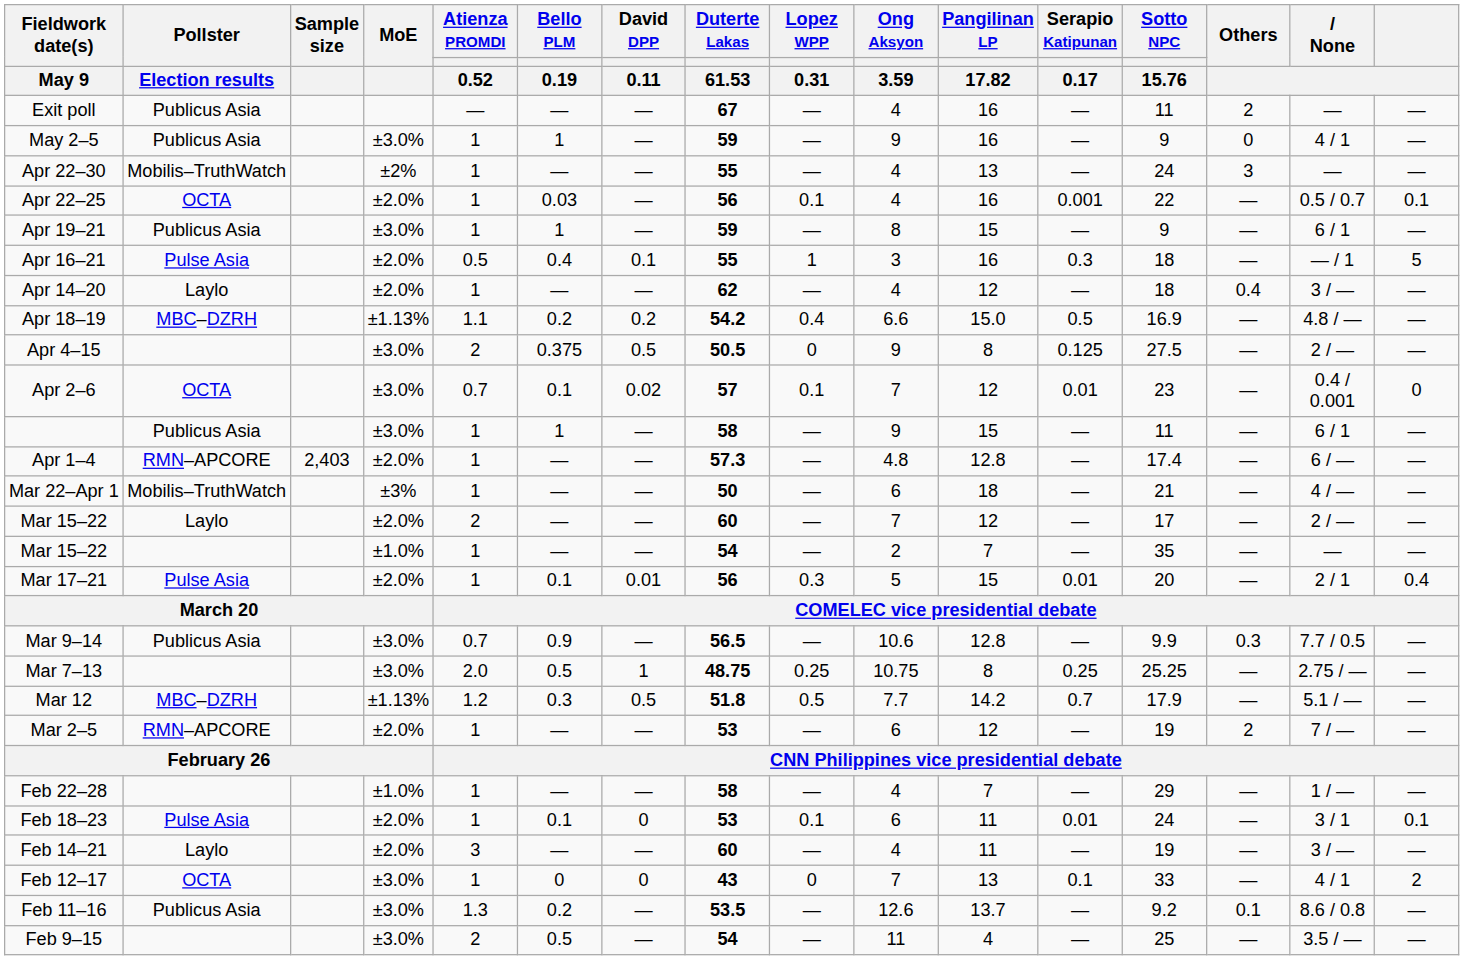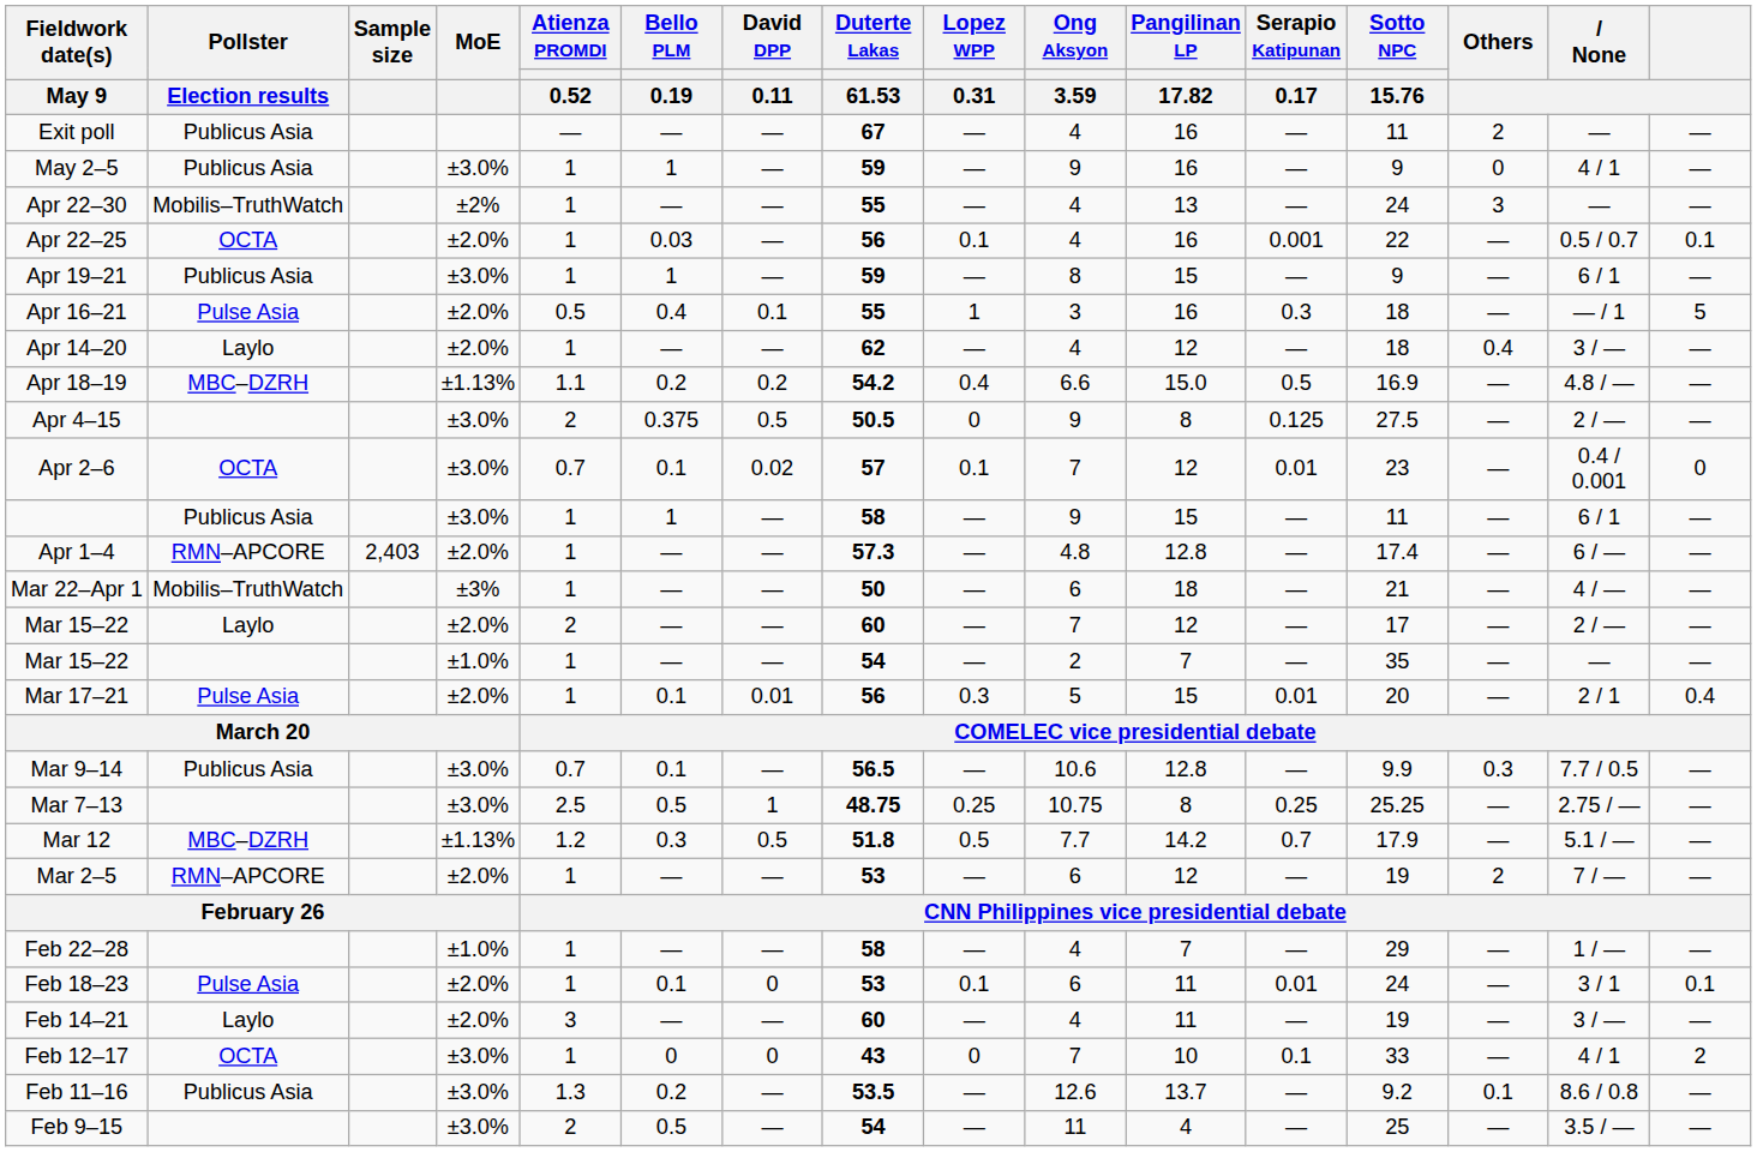 <table class="wikitable sortable" style="text-align:center;font-size:90%;line-height:17px">
 <tr>
 <th rowspan="2">Fieldwork<br>date(s)</th>
 <th rowspan="2">Pollster</th>
 <th rowspan="2">Sample<br>size</th>
 <th rowspan="2"><abbr>MoE</abbr></th>
 <th class="unsortable" style="width:60px;:"><a href='#'>Atienza</a><br><small><a href='#'>PROMDI</a></small></th>
 <th class="unsortable" style="width:60px;"><a href='#'>Bello</a><br><small><a href='#'>PLM</a></small></th>
 <th class="unsortable" style="width:60px;">David<br><small><a href='#'>DPP</a></small></th>
 <th class="unsortable" style="width:60px;"><a href='#'>Duterte</a><br><small><a href='#'>Lakas</a></small></th>
 <th class="unsortable" style="width:60px;"><a href='#'>Lopez</a><br><small><a href='#'>WPP</a></small></th>
 <th class="unsortable" style="width:60px;"><a href='#'>Ong</a><br><small><a href='#'>Aksyon</a></small></th>
 <th class="unsortable" style="width:60px;"><a href='#'>Pangilinan</a><br><small><a href='#'>LP</a></small></th>
 <th class="unsortable" style="width:60px;">Serapio<br><small><a href='#'>Katipunan</a></small></th>
 <th class="unsortable" style="width:60px;"><a href='#'>Sotto</a><br><small><a href='#'>NPC</a></small></th>
 <th rowspan="2" class="unsortable" style="width:60px;">Others</th>
 <th rowspan="2" class="unsortable" style="width:60px;">/<br>None</th>
 <th rowspan="2" class="unsortable" style="width:60px;"></th>
 </tr>
 <tr>
 <th></th>
 <th></th>
 <th></th>
 <th></th>
 <th></th>
 <th></th>
 <th></th>
 <th></th>
 <th></th>
 </tr>
 <tr>
 <th>May 9</th>
 <th><a href='#'>Election results</a></th>
 <th></th>
 <th></th>
 <th>0.52</th>
 <th>0.19</th>
 <th>0.11</th>
 <th style="background:#">61.53</th>
 <th>0.31</th>
 <th>3.59</th>
 <th>17.82</th>
 <th>0.17</th>
 <th>15.76</th>
 <th colspan="3"></th>
 </tr>
 <tr>
 <td data-sort-value="2022-05-09">Exit poll</td>
 <td>Publicus Asia</td>
 <td></td>
 <td></td>
 <td>—</td>
 <td>—</td>
 <td>—</td>
 <td style="background:#"><strong>67</strong></td>
 <td>—</td>
 <td>4</td>
 <td>16</td>
 <td>—</td>
 <td>11</td>
 <td>2</td>
 <td>—</td>
 <td>—</td>
 </tr>
 <tr>
 <td data-sort-value="2022-04-25">May 2–5</td>
 <td>Publicus Asia</td>
 <td></td>
 <td>±3.0%</td>
 <td>1</td>
 <td>1</td>
 <td>—</td>
 <td style="background:#"><strong>59</strong></td>
 <td>—</td>
 <td>9</td>
 <td>16</td>
 <td>—</td>
 <td>9</td>
 <td>0</td>
 <td>4 / 1</td>
 <td>—</td>
 </tr>
 <tr>
 <td data-sort-value="2022-04-30">Apr 22–30</td>
 <td>Mobilis–TruthWatch</td>
 <td></td>
 <td>±2%</td>
 <td>1</td>
 <td>—</td>
 <td>—</td>
 <td style="background:#"><strong>55</strong></td>
 <td>—</td>
 <td>4</td>
 <td>13</td>
 <td>—</td>
 <td>24</td>
 <td>3</td>
 <td>—</td>
 <td>—</td>
 </tr>
 <tr>
 <td data-sort-value="2021-04-25">Apr 22–25</td>
 <td><a href='#'>OCTA</a></td>
 <td></td>
 <td>±2.0%</td>
 <td>1</td>
 <td>0.03</td>
 <td>—</td>
 <td style="background:#"><strong>56</strong></td>
 <td>0.1</td>
 <td>4</td>
 <td>16</td>
 <td>0.001</td>
 <td>22</td>
 <td>—</td>
 <td>0.5 / 0.7</td>
 <td>0.1</td>
 </tr>
 <tr>
 <td data-sort-value="2022-04-25">Apr 19–21</td>
 <td>Publicus Asia</td>
 <td></td>
 <td>±3.0%</td>
 <td>1</td>
 <td>1</td>
 <td>—</td>
 <td style="background:#"><strong>59</strong></td>
 <td>—</td>
 <td>8</td>
 <td>15</td>
 <td>—</td>
 <td>9</td>
 <td>—</td>
 <td>6 / 1</td>
 <td>—</td>
 </tr>
 <tr>
 <td data-sort-value="2022-04-21">Apr 16–21</td>
 <td><a href='#'>Pulse Asia</a></td>
 <td></td>
 <td>±2.0%</td>
 <td>0.5</td>
 <td>0.4</td>
 <td>0.1</td>
 <td style="background:#"><strong>55</strong></td>
 <td>1</td>
 <td>3</td>
 <td>16</td>
 <td>0.3</td>
 <td>18</td>
 <td>—</td>
 <td>— / 1</td>
 <td>5</td>
 </tr>
 <tr>
 <td data-sort-value="2022-04-20">Apr 14–20</td>
 <td>Laylo</td>
 <td></td>
 <td>±2.0%</td>
 <td>1</td>
 <td>—</td>
 <td>—</td>
 <td style="background:#"><strong>62</strong></td>
 <td>—</td>
 <td>4</td>
 <td>12</td>
 <td>—</td>
 <td>18</td>
 <td>0.4</td>
 <td>3 / —</td>
 <td>—</td>
 </tr>
 <tr>
 <td data-sort-value="2021-04-22">Apr 18–19</td>
 <td><a href='#'>MBC</a>–<a href='#'>DZRH</a></td>
 <td></td>
 <td>±1.13%</td>
 <td>1.1</td>
 <td>0.2</td>
 <td>0.2</td>
 <td style="background:#"><strong>54.2</strong></td>
 <td>0.4</td>
 <td>6.6</td>
 <td>15.0</td>
 <td>0.5</td>
 <td>16.9</td>
 <td>—</td>
 <td>4.8 / —</td>
 <td>—</td>
 </tr>
 <tr>
 <td data-sort-value="2022-04-15">Apr 4–15</td>
 <td></td>
 <td></td>
 <td>±3.0%</td>
 <td>2</td>
 <td>0.375</td>
 <td>0.5</td>
 <td style="background:#"><strong>50.5</strong></td>
 <td>0</td>
 <td>9</td>
 <td>8</td>
 <td>0.125</td>
 <td>27.5</td>
 <td>—</td>
 <td>2 / —</td>
 <td>—</td>
 </tr>
 <tr>
 <td data-sort-value="2021-04-06">Apr 2–6</td>
 <td><a href='#'>OCTA</a></td>
 <td></td>
 <td>±3.0%</td>
 <td>0.7</td>
 <td>0.1</td>
 <td>0.02</td>
 <td style="background:#"><strong>57</strong></td>
 <td>0.1</td>
 <td>7</td>
 <td>12</td>
 <td>0.01</td>
 <td>23</td>
 <td>—</td>
 <td>0.4 / 0.001</td>
 <td>0</td>
 </tr>
 <tr>
 <td data-sort-value="2022-04-05"></td>
 <td>Publicus Asia</td>
 <td></td>
 <td>±3.0%</td>
 <td>1</td>
 <td>1</td>
 <td>—</td>
 <td style="background:#"><strong>58</strong></td>
 <td>—</td>
 <td>9</td>
 <td>15</td>
 <td>—</td>
 <td>11</td>
 <td>—</td>
 <td>6 / 1</td>
 <td>—</td>
 </tr>
 <tr>
 <td data-sort-value="2021-04-04">Apr 1–4</td>
 <td><a href='#'>RMN</a>–APCORE</td>
 <td>2,403</td>
 <td>±2.0%</td>
 <td>1</td>
 <td>—</td>
 <td>—</td>
 <td style="background:#"><strong>57.3</strong></td>
 <td>—</td>
 <td>4.8</td>
 <td>12.8</td>
 <td>—</td>
 <td>17.4</td>
 <td>—</td>
 <td>6 / —</td>
 <td>—</td>
 </tr>
 <tr>
 <td data-sort-value="2022-04-01">Mar 22–Apr 1</td>
 <td>Mobilis–TruthWatch</td>
 <td></td>
 <td>±3%</td>
 <td>1</td>
 <td>—</td>
 <td>—</td>
 <td style="background:#"><strong>50</strong></td>
 <td>—</td>
 <td>6</td>
 <td>18</td>
 <td>—</td>
 <td>21</td>
 <td>—</td>
 <td>4 / —</td>
 <td>—</td>
 </tr>
 <tr>
 <td data-sort-value="2021-03-30">Mar 15–22</td>
 <td>Laylo</td>
 <td></td>
 <td>±2.0%</td>
 <td>2</td>
 <td>—</td>
 <td>—</td>
 <td style="background:#"><strong>60</strong></td>
 <td>—</td>
 <td>7</td>
 <td>12</td>
 <td>—</td>
 <td>17</td>
 <td>—</td>
 <td>2 / —</td>
 <td>—</td>
 </tr>
 <tr>
 <td data-sort-value="2022-03-22">Mar 15–22</td>
 <td></td>
 <td></td>
 <td>±1.0%</td>
 <td>1</td>
 <td>—</td>
 <td>—</td>
 <td style="background:#"><strong>54</strong></td>
 <td>—</td>
 <td>2</td>
 <td>7</td>
 <td>—</td>
 <td>35</td>
 <td>—</td>
 <td>—</td>
 <td>—</td>
 </tr>
 <tr>
 <td data-sort-value="2022-03-21">Mar 17–21</td>
 <td><a href='#'>Pulse Asia</a></td>
 <td></td>
 <td>±2.0%</td>
 <td>1</td>
 <td>0.1</td>
 <td>0.01</td>
 <td style="background:#"><strong>56</strong></td>
 <td>0.3</td>
 <td>5</td>
 <td>15</td>
 <td>0.01</td>
 <td>20</td>
 <td>—</td>
 <td>2 / 1</td>
 <td>0.4</td>
 </tr>
 <tr>
 <th colspan="4">March 20</th>
 <th colspan="12"><a href='#'>COMELEC vice presidential debate</a></th>
 </tr>
 <tr>
 <td data-sort-value="2021-03-17">Mar 9–14</td>
 <td>Publicus Asia</td>
 <td></td>
 <td>±3.0%</td>
 <td>0.7</td>
-<td>0.9</td>
+<td>0.1</td>
 <td>—</td>
 <td style="background:#"><strong>56.5</strong></td>
 <td>—</td>
 <td>10.6</td>
 <td>12.8</td>
 <td>—</td>
 <td>9.9</td>
 <td>0.3</td>
 <td>7.7 / 0.5</td>
 <td>—</td>
 </tr>
 <tr>
 <td data-sort-value="2022-03-24">Mar 7–13</td>
 <td></td>
 <td></td>
 <td>±3.0%</td>
-<td>2.0</td>
+<td>2.5</td>
 <td>0.5</td>
 <td>1</td>
 <td style="background:#"><strong>48.75</strong></td>
 <td>0.25</td>
 <td>10.75</td>
 <td>8</td>
 <td>0.25</td>
 <td>25.25</td>
 <td>—</td>
 <td>2.75 / —</td>
 <td>—</td>
 </tr>
 <tr>
 <td data-sort-value="2022-03-15">Mar 12</td>
 <td><a href='#'>MBC</a>–<a href='#'>DZRH</a></td>
 <td></td>
 <td>±1.13%</td>
 <td>1.2</td>
 <td>0.3</td>
 <td>0.5</td>
 <td style="background:#"><strong>51.8</strong></td>
 <td>0.5</td>
 <td>7.7</td>
 <td>14.2</td>
 <td>0.7</td>
 <td>17.9</td>
 <td>—</td>
 <td>5.1 / —</td>
 <td>—</td>
 </tr>
 <tr>
 <td data-sort-value="2022-03-21">Mar 2–5</td>
 <td><a href='#'>RMN</a>–APCORE</td>
 <td></td>
 <td>±2.0%</td>
 <td>1</td>
 <td>—</td>
 <td>—</td>
 <td style="background:#"><strong>53</strong></td>
 <td>—</td>
 <td>6</td>
 <td>12</td>
 <td>—</td>
 <td>19</td>
 <td>2</td>
 <td>7 / —</td>
 <td>—</td>
 </tr>
 <tr>
 <th colspan="4">February 26</th>
 <th colspan="12"><a href='#'>CNN Philippines vice presidential debate</a></th>
 </tr>
 <tr>
 <td data-sort-value="2022-02-28">Feb 22–28</td>
 <td></td>
 <td></td>
 <td>±1.0%</td>
 <td>1</td>
 <td>—</td>
 <td>—</td>
 <td style="background:#"><strong>58</strong></td>
 <td>—</td>
 <td>4</td>
 <td>7</td>
 <td>—</td>
 <td>29</td>
 <td>—</td>
 <td>1 / —</td>
 <td>—</td>
 </tr>
 <tr>
 <td data-sort-value="2021-02-23">Feb 18–23</td>
 <td><a href='#'>Pulse Asia</a></td>
 <td></td>
 <td>±2.0%</td>
 <td>1</td>
 <td>0.1</td>
 <td>0</td>
 <td style="background:#"><strong>53</strong></td>
 <td>0.1</td>
 <td>6</td>
 <td>11</td>
 <td>0.01</td>
 <td>24</td>
 <td>—</td>
 <td>3 / 1</td>
 <td>0.1</td>
 </tr>
 <tr>
 <td data-sort-value="2021-03-04">Feb 14–21</td>
 <td>Laylo</td>
 <td></td>
 <td>±2.0%</td>
 <td>3</td>
 <td>—</td>
 <td>—</td>
 <td style="background:#"><strong>60</strong></td>
 <td>—</td>
 <td>4</td>
 <td>11</td>
 <td>—</td>
 <td>19</td>
 <td>—</td>
 <td>3 / —</td>
 <td>—</td>
 </tr>
 <tr>
 <td data-sort-value="2021-02-28">Feb 12–17</td>
 <td><a href='#'>OCTA</a></td>
 <td></td>
 <td>±3.0%</td>
 <td>1</td>
 <td>0</td>
 <td>0</td>
 <td style="background:#"><strong>43</strong></td>
 <td>0</td>
 <td>7</td>
-<td>13</td>
+<td>10</td>
 <td>0.1</td>
 <td>33</td>
 <td>—</td>
 <td>4 / 1</td>
 <td>2</td>
 </tr>
 <tr>
 <td data-sort-value="2021-02-21">Feb 11–16</td>
 <td>Publicus Asia</td>
 <td></td>
 <td>±3.0%</td>
 <td>1.3</td>
 <td>0.2</td>
 <td>—</td>
 <td style="background:#"><strong>53.5</strong></td>
 <td>—</td>
 <td>12.6</td>
 <td>13.7</td>
 <td>—</td>
 <td>9.2</td>
 <td>0.1</td>
 <td>8.6 / 0.8</td>
 <td>—</td>
 </tr>
 <tr>
 <td data-sort-value="2021-02-26">Feb 9–15</td>
 <td></td>
 <td></td>
 <td>±3.0%</td>
 <td>2</td>
 <td>0.5</td>
 <td>—</td>
 <td style="background:#"><strong>54</strong></td>
 <td>—</td>
 <td>11</td>
 <td>4</td>
 <td>—</td>
 <td>25</td>
 <td>—</td>
 <td>3.5 / —</td>
 <td>—</td>
 </tr>
 </table>
